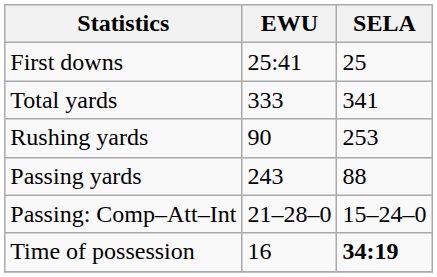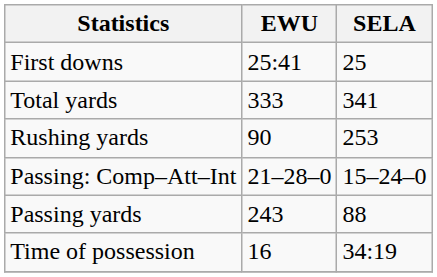 <table class="wikitable" style="float: left;">
 <tr>
 <th>Statistics</th>
 <th>EWU</th>
 <th>SELA</th>
 </tr>
 <tr>
 <td>First downs</td>
 <td>25:41</td>
 <td>25</td>
 </tr>
 <tr>
 <td>Total yards</td>
 <td>333</td>
 <td>341</td>
 </tr>
 <tr>
 <td>Rushing yards</td>
 <td>90</td>
 <td>253</td>
 </tr>
 <tr>
+<td>Passing: Comp–Att–Int</td>
+<td>21–28–0</td>
+<td>15–24–0</td>
+</tr>
+<tr>
 <td>Passing yards</td>
 <td>243</td>
 <td>88</td>
 </tr>
 <tr>
-<td>Passing: Comp–Att–Int</td>
-<td>21–28–0</td>
-<td>15–24–0</td>
-</tr>
-<tr>
 <td>Time of possession</td>
 <td>16</td>
-<td><strong>34:19</strong></td>
+<td>34:19</td>
 </tr>
 <tr>
 </tr>
 </table>
